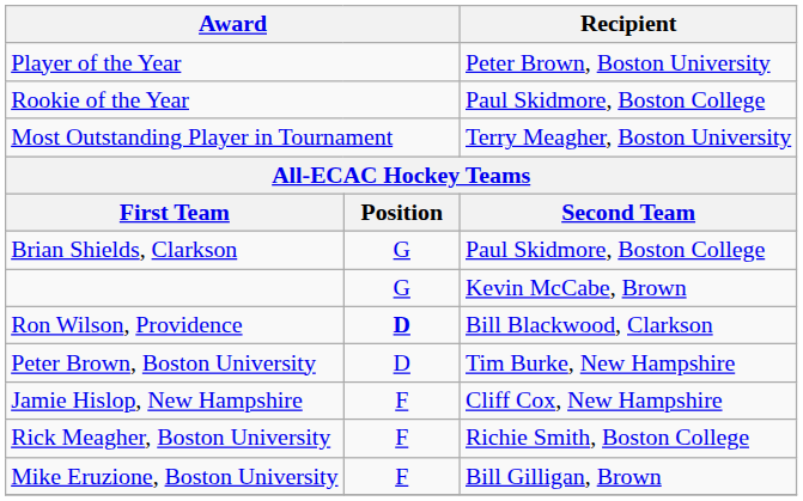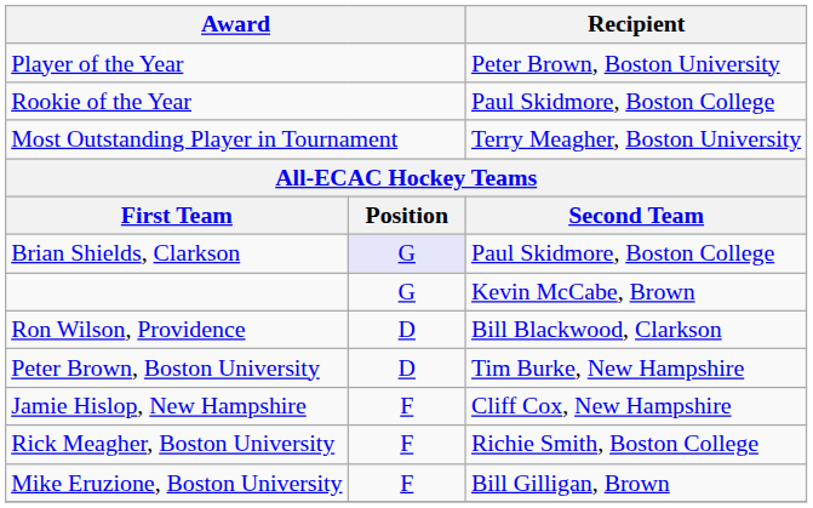 <table class="wikitable">
 <tr>
 <th colspan=2><a href='#'>Award</a></th>
 <th>Recipient</th>
 </tr>
 <tr>
 <td colspan=2><a href='#'>Player of the Year</a></td>
 <td><a href='#'>Peter Brown</a>, <a href='#'>Boston University</a></td>
 </tr>
 <tr>
 <td colspan=2><a href='#'>Rookie of the Year</a></td>
 <td><a href='#'>Paul Skidmore</a>, <a href='#'>Boston College</a></td>
 </tr>
 <tr>
 <td colspan=2><a href='#'>Most Outstanding Player in Tournament</a></td>
 <td><a href='#'>Terry Meagher</a>, <a href='#'>Boston University</a></td>
 </tr>
 <tr>
 <th colspan=3><a href='#'>All-ECAC Hockey Teams</a></th>
 </tr>
 <tr>
 <th><a href='#'>First Team</a></th>
 <th>  Position  </th>
 <th><a href='#'>Second Team</a></th>
 </tr>
 <tr>
 <td><a href='#'>Brian Shields</a>, <a href='#'>Clarkson</a></td>
-<td align=center><a href='#'>G</a></td>
+<td align=center style="background: lavender;"><a href='#'>G</a></td>
 <td><a href='#'>Paul Skidmore</a>, <a href='#'>Boston College</a></td>
 </tr>
 <tr>
 <td></td>
 <td align=center><a href='#'>G</a></td>
 <td><a href='#'>Kevin McCabe</a>, <a href='#'>Brown</a></td>
 </tr>
 <tr>
 <td><a href='#'>Ron Wilson</a>, <a href='#'>Providence</a></td>
-<td align=center><strong><a href='#'>D</a></strong></td>
+<td align=center><a href='#'>D</a></td>
 <td><a href='#'>Bill Blackwood</a>, <a href='#'>Clarkson</a></td>
 </tr>
 <tr>
 <td><a href='#'>Peter Brown</a>, <a href='#'>Boston University</a></td>
 <td align=center><a href='#'>D</a></td>
 <td><a href='#'>Tim Burke</a>, <a href='#'>New Hampshire</a></td>
 </tr>
 <tr>
 <td><a href='#'>Jamie Hislop</a>, <a href='#'>New Hampshire</a></td>
 <td align=center><a href='#'>F</a></td>
 <td><a href='#'>Cliff Cox</a>, <a href='#'>New Hampshire</a></td>
 </tr>
 <tr>
 <td><a href='#'>Rick Meagher</a>, <a href='#'>Boston University</a></td>
 <td align=center><a href='#'>F</a></td>
 <td><a href='#'>Richie Smith</a>, <a href='#'>Boston College</a></td>
 </tr>
 <tr>
 <td><a href='#'>Mike Eruzione</a>, <a href='#'>Boston University</a></td>
 <td align=center><a href='#'>F</a></td>
 <td><a href='#'>Bill Gilligan</a>, <a href='#'>Brown</a></td>
 </tr>
 <tr>
 </tr>
 </table>
